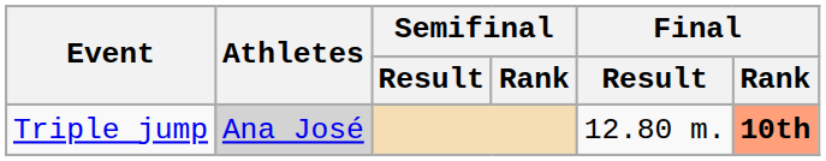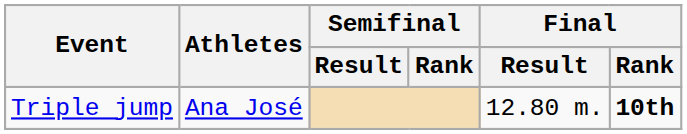 <table class="wikitable" border="1" style="font-size:90%">
 <tr>
 <th rowspan=2>Event</th>
 <th rowspan=2>Athletes</th>
 <th colspan=2>Semifinal</th>
 <th colspan=2>Final</th>
 </tr>
 <tr>
 <th>Result</th>
 <th>Rank</th>
 <th>Result</th>
 <th>Rank</th>
 </tr>
 <tr>
 <td><a href='#'>Triple jump</a></td>
-<td style="background: lightgrey;"><a href='#'>Ana José</a></td>
+<td><a href='#'>Ana José</a></td>
 <td align=center colspan=2 bgcolor=wheat></td>
 <td align=center>12.80 m.</td>
-<td align=center style="background: lightsalmon;"><strong>10th</strong></td>
+<td align=center><strong>10th</strong></td>
 </tr>
 </table>
